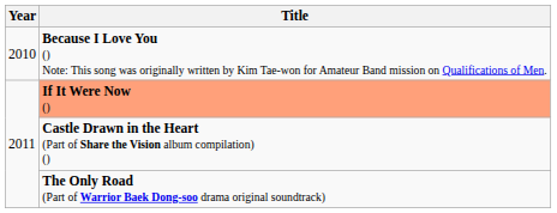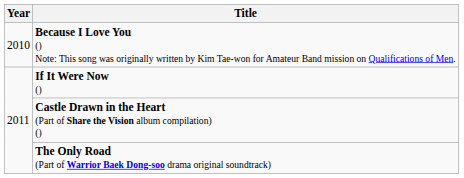 <table class="wikitable">
 <tr>
 <th>Year</th>
 <th>Title</th>
 </tr>
 <tr>
 <td>2010</td>
 <td><strong>Because I Love You</strong><br><small>()</small><br><small>Note: This song was originally written by Kim Tae-won for Amateur Band mission on <a href='#'>Qualifications of Men</a>.</small></td>
 </tr>
 <tr>
 <td rowspan="3">2011</td>
-<td style="background: lightsalmon;"><strong>If It Were Now</strong><br><small>()</small></td>
+<td><strong>If It Were Now</strong><br><small>()</small></td>
 </tr>
 <tr>
 <td><strong>Castle Drawn in the Heart</strong><br><small>(Part of <strong>Share the Vision</strong> album compilation)</small><br><small>()</small></td>
 </tr>
 <tr>
 <td><strong>The Only Road</strong><br><small>(Part of <strong><a href='#'>Warrior Baek Dong-soo</a></strong> drama original soundtrack)</small></td>
 </tr>
 </table>
